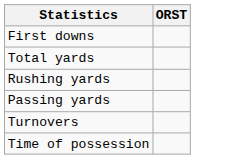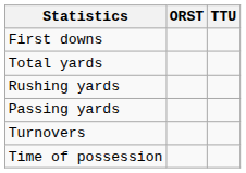 <table class="wikitable" style="float:left">
 <tr>
 <th>Statistics</th>
 <th>ORST</th>
+<th>TTU</th>
 </tr>
 <tr>
 <td>First downs</td>
+<td></td>
 <td></td>
 </tr>
 <tr>
 <td>Total yards</td>
 <td></td>
+<td></td>
 </tr>
 <tr>
 <td>Rushing yards</td>
+<td></td>
 <td></td>
 </tr>
 <tr>
 <td>Passing yards</td>
 <td></td>
+<td></td>
 </tr>
 <tr>
 <td>Turnovers</td>
+<td></td>
 <td></td>
 </tr>
 <tr>
 <td>Time of possession</td>
 <td></td>
+<td></td>
 </tr>
 </table>
